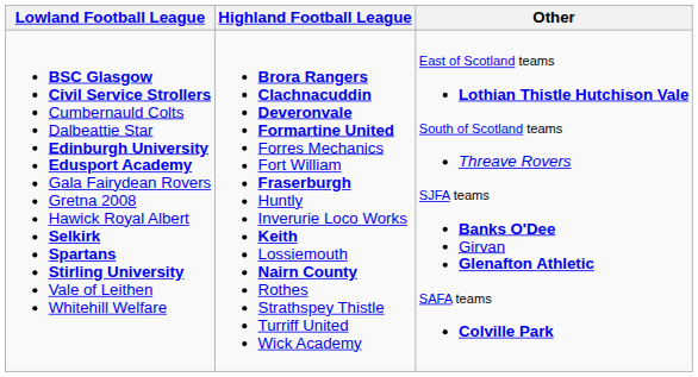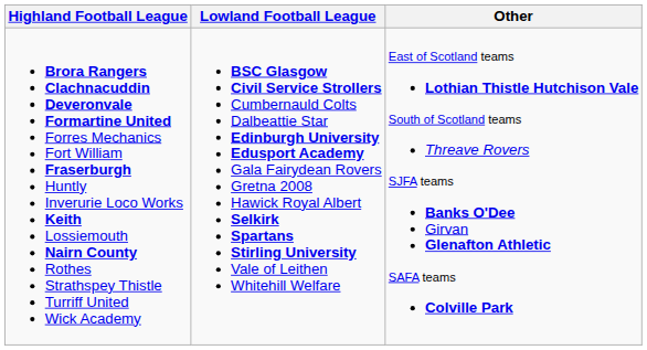 <table class="wikitable" style="text-align:left">
 <tr>
+<th><a href='#'>Highland Football League</a></th>
 <th><a href='#'>Lowland Football League</a></th>
-<th><a href='#'>Highland Football League</a></th>
 <th>Other</th>
 </tr>
 <tr>
+<td valign=top><br><ul><li><strong><a href='#'>Brora Rangers</a></strong></li><li><strong><a href='#'>Clachnacuddin</a></strong></li><li><strong><a href='#'>Deveronvale</a></strong></li><li><strong><a href='#'>Formartine United</a></strong></li><li><a href='#'>Forres Mechanics</a></li><li><a href='#'>Fort William</a></li><li><strong><a href='#'>Fraserburgh</a></strong></li><li><a href='#'>Huntly</a></li><li><a href='#'>Inverurie Loco Works</a></li><li><strong><a href='#'>Keith</a></strong></li><li><a href='#'>Lossiemouth</a></li><li><strong><a href='#'>Nairn County</a></strong></li><li><a href='#'>Rothes</a></li><li><a href='#'>Strathspey Thistle</a></li><li><a href='#'>Turriff United</a></li><li><a href='#'>Wick Academy</a></li></ul></td>
 <td valign=top><br><ul><li><strong><a href='#'>BSC Glasgow</a></strong></li><li><strong><a href='#'>Civil Service Strollers</a></strong></li><li><a href='#'>Cumbernauld Colts</a></li><li><a href='#'>Dalbeattie Star</a></li><li><strong><a href='#'>Edinburgh University</a></strong></li><li><strong><a href='#'>Edusport Academy</a></strong></li><li><a href='#'>Gala Fairydean Rovers</a></li><li><a href='#'>Gretna 2008</a></li><li><a href='#'>Hawick Royal Albert</a></li><li><strong><a href='#'>Selkirk</a></strong></li><li><strong><a href='#'>Spartans</a></strong></li><li><strong><a href='#'>Stirling University</a></strong></li><li><a href='#'>Vale of Leithen</a></li><li><a href='#'>Whitehill Welfare</a></li></ul></td>
-<td valign=top><br><ul><li><strong><a href='#'>Brora Rangers</a></strong></li><li><strong><a href='#'>Clachnacuddin</a></strong></li><li><strong><a href='#'>Deveronvale</a></strong></li><li><strong><a href='#'>Formartine United</a></strong></li><li><a href='#'>Forres Mechanics</a></li><li><a href='#'>Fort William</a></li><li><strong><a href='#'>Fraserburgh</a></strong></li><li><a href='#'>Huntly</a></li><li><a href='#'>Inverurie Loco Works</a></li><li><strong><a href='#'>Keith</a></strong></li><li><a href='#'>Lossiemouth</a></li><li><strong><a href='#'>Nairn County</a></strong></li><li><a href='#'>Rothes</a></li><li><a href='#'>Strathspey Thistle</a></li><li><a href='#'>Turriff United</a></li><li><a href='#'>Wick Academy</a></li></ul></td>
 <td valign=top><br><small><a href='#'>East of Scotland</a> teams</small><ul><li><strong><a href='#'>Lothian Thistle Hutchison Vale</a></strong></li></ul><small><a href='#'>South of Scotland</a> teams</small><ul><li><em><a href='#'>Threave Rovers</a></em></li></ul><small><a href='#'>SJFA</a> teams</small><ul><li><strong><a href='#'>Banks O'Dee</a></strong></li><li><a href='#'>Girvan</a></li><li><strong><a href='#'>Glenafton Athletic</a></strong></li></ul><small><a href='#'>SAFA</a> teams</small><ul><li><strong><a href='#'>Colville Park</a></strong></li></ul></td>
 </tr>
 </table>
